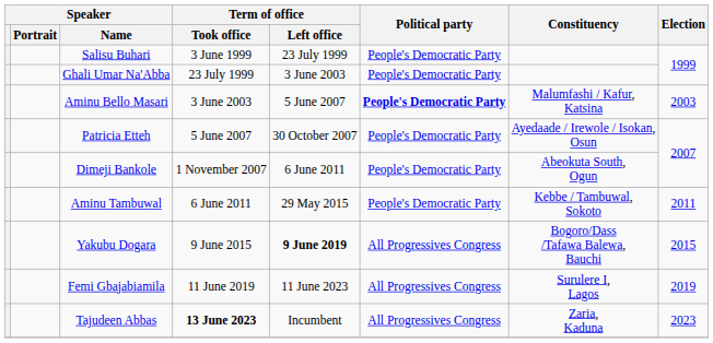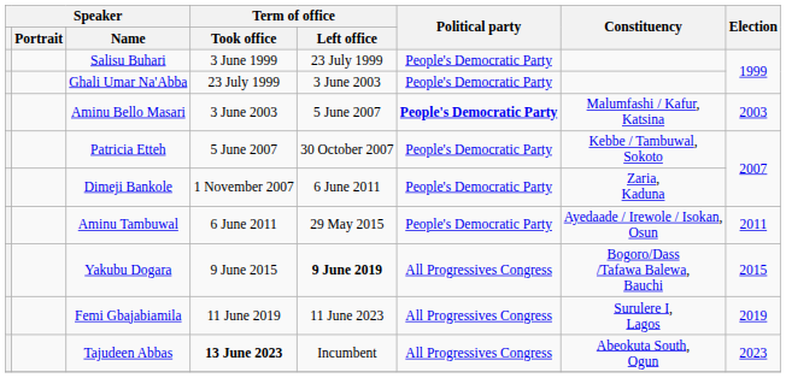 <table class=wikitable style=text-align:center>
 <tr>
 <th colspan=3>Speaker</th>
 <th colspan=2>Term of office</th>
 <th rowspan=2>Political party</th>
 <th rowspan=2>Constituency</th>
 <th rowspan=2>Election</th>
 </tr>
 <tr>
 <th></th>
 <th>Portrait</th>
 <th>Name</th>
 <th>Took office</th>
 <th>Left office</th>
 </tr>
 <tr>
 <th style="background:"></th>
 <td></td>
 <td><a href='#'>Salisu Buhari</a></td>
 <td>3 June 1999</td>
 <td>23 July 1999</td>
 <td><a href='#'>People's Democratic Party</a></td>
 <td></td>
 <td rowspan=2><a href='#'>1999</a></td>
 </tr>
 <tr>
 <th style="background:"></th>
 <td></td>
 <td><a href='#'>Ghali Umar Na'Abba</a></td>
 <td>23 July 1999</td>
 <td>3 June 2003</td>
 <td><a href='#'>People's Democratic Party</a></td>
 <td></td>
 </tr>
 <tr>
 <th style="background:"></th>
 <td></td>
 <td><a href='#'>Aminu Bello Masari</a></td>
 <td>3 June 2003</td>
 <td>5 June 2007</td>
 <td><strong><a href='#'>People's Democratic Party</a></strong></td>
 <td><a href='#'>Malumfashi / Kafur</a>,<br><a href='#'>Katsina</a></td>
 <td><a href='#'>2003</a></td>
 </tr>
 <tr>
 <th style="background:"></th>
 <td></td>
 <td><a href='#'>Patricia Etteh</a></td>
 <td>5 June 2007</td>
 <td>30 October 2007</td>
 <td><a href='#'>People's Democratic Party</a></td>
-<td><a href='#'>Ayedaade / Irewole / Isokan</a>,<br><a href='#'>Osun</a></td>
+<td><a href='#'>Kebbe / Tambuwal</a>,<br><a href='#'>Sokoto</a></td>
 <td rowspan=2><a href='#'>2007</a></td>
 </tr>
 <tr>
 <th style="background:"></th>
 <td></td>
 <td><a href='#'>Dimeji Bankole</a></td>
 <td>1 November 2007</td>
 <td>6 June 2011</td>
 <td><a href='#'>People's Democratic Party</a></td>
-<td><a href='#'>Abeokuta South</a>,<br><a href='#'>Ogun</a></td>
+<td><a href='#'>Zaria</a>,<br><a href='#'>Kaduna</a></td>
 </tr>
 <tr>
 <th style="background:"></th>
 <td></td>
 <td><a href='#'>Aminu Tambuwal</a></td>
 <td>6 June 2011</td>
 <td>29 May 2015</td>
 <td><a href='#'>People's Democratic Party</a></td>
-<td><a href='#'>Kebbe / Tambuwal</a>,<br><a href='#'>Sokoto</a></td>
+<td><a href='#'>Ayedaade / Irewole / Isokan</a>,<br><a href='#'>Osun</a></td>
 <td><a href='#'>2011</a></td>
 </tr>
 <tr>
 <th style="background:"></th>
 <td></td>
 <td><a href='#'>Yakubu Dogara</a></td>
 <td>9 June 2015</td>
 <td><strong>9 June 2019</strong></td>
 <td><a href='#'>All Progressives Congress</a></td>
 <td><a href='#'>Bogoro/Dass</a><br><a href='#'>/Tafawa Balewa</a>,<br><a href='#'>Bauchi</a></td>
 <td><a href='#'>2015</a></td>
 </tr>
 <tr>
 <th style="background:"></th>
 <td></td>
 <td><a href='#'>Femi Gbajabiamila</a></td>
 <td>11 June 2019</td>
 <td>11 June 2023</td>
 <td><a href='#'>All Progressives Congress</a></td>
 <td><a href='#'>Surulere I</a>,<br><a href='#'>Lagos</a></td>
 <td><a href='#'>2019</a></td>
 </tr>
 <tr>
 <th style="background:"></th>
 <td></td>
 <td><a href='#'>Tajudeen Abbas</a></td>
 <td><strong>13 June 2023</strong></td>
 <td>Incumbent</td>
 <td><a href='#'>All Progressives Congress</a></td>
-<td><a href='#'>Zaria</a>,<br><a href='#'>Kaduna</a></td>
+<td><a href='#'>Abeokuta South</a>,<br><a href='#'>Ogun</a></td>
 <td><a href='#'>2023</a></td>
 </tr>
 <tr>
 </tr>
 </table>
